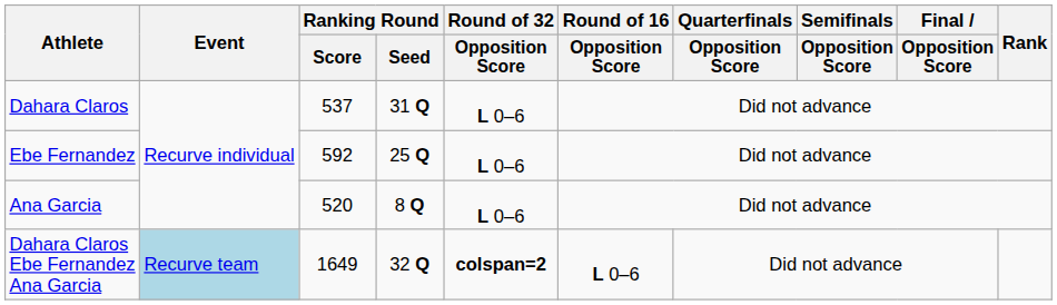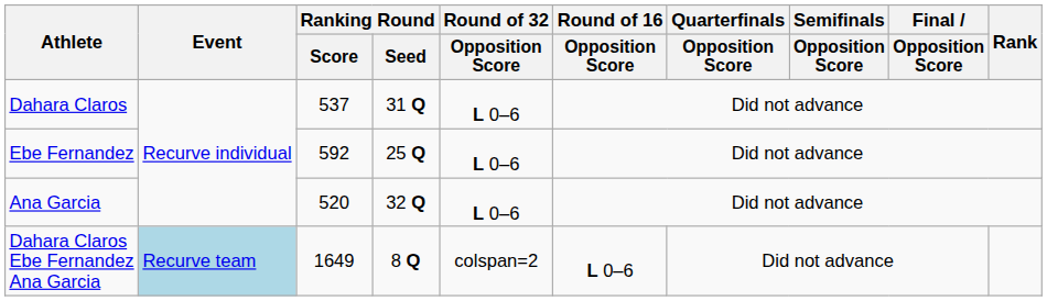 <table class="wikitable" style="font-size:90%">
 <tr>
 <th rowspan="2">Athlete</th>
 <th rowspan="2">Event</th>
 <th colspan="2">Ranking Round</th>
 <th>Round of 32</th>
 <th>Round of 16</th>
 <th>Quarterfinals</th>
 <th>Semifinals</th>
 <th>Final / </th>
 <th rowspan="2">Rank</th>
 </tr>
 <tr style="font-size:95%">
 <th>Score</th>
 <th>Seed</th>
 <th>Opposition<br>Score</th>
 <th>Opposition<br>Score</th>
 <th>Opposition<br>Score</th>
 <th>Opposition<br>Score</th>
 <th>Opposition<br>Score</th>
 </tr>
 <tr align=center>
 <td align=left><a href='#'>Dahara Claros</a></td>
 <td align=left rowspan=3><a href='#'>Recurve individual</a></td>
 <td>537</td>
 <td>31 <strong>Q</strong></td>
 <td><br><strong>L</strong> 0–6</td>
 <td colspan=5>Did not advance</td>
 </tr>
 <tr align=center>
 <td align=left><a href='#'>Ebe Fernandez</a></td>
 <td>592</td>
 <td>25 <strong>Q</strong></td>
 <td><br><strong>L</strong> 0–6</td>
 <td colspan=5>Did not advance</td>
 </tr>
 <tr align=center>
 <td align=left><a href='#'>Ana Garcia</a></td>
 <td>520</td>
-<td>8 <strong>Q</strong></td>
+<td>32 <strong>Q</strong></td>
 <td><br><strong>L</strong> 0–6</td>
 <td colspan=5>Did not advance</td>
 </tr>
 <tr align=center>
 <td align=left><a href='#'>Dahara Claros</a><br><a href='#'>Ebe Fernandez</a><br><a href='#'>Ana Garcia</a></td>
 <td align=left style="background: lightblue;"><a href='#'>Recurve team</a></td>
 <td>1649</td>
-<td>32 <strong>Q</strong></td>
-<td><strong>colspan=2 </strong></td>
+<td>8 <strong>Q</strong></td>
+<td>colspan=2 </td>
 <td><br><strong>L</strong> 0–6</td>
 <td colspan=3>Did not advance</td>
 </tr>
 </table>
